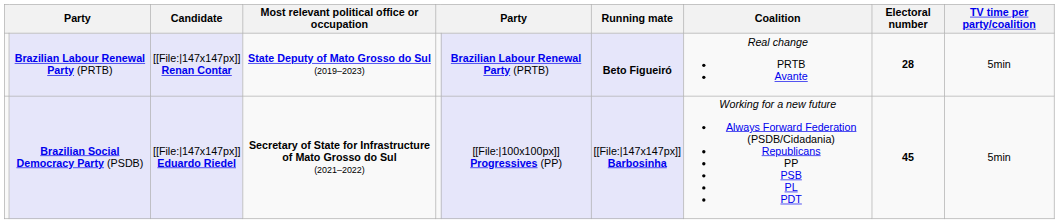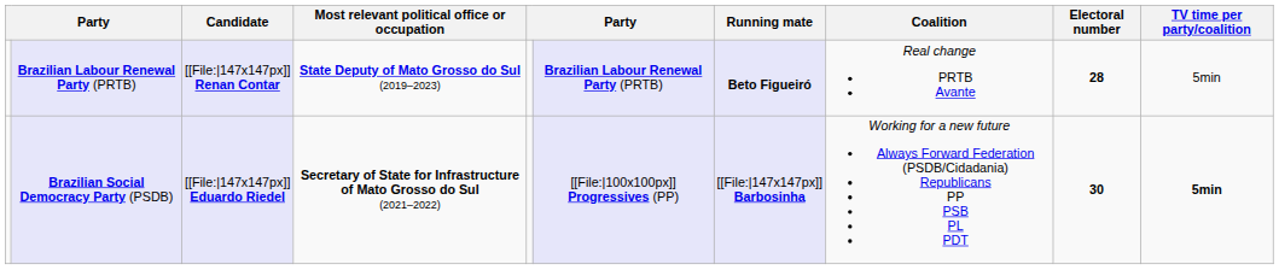 <table class="wikitable" style="text-align:center">
 <tr>
 <th colspan="2">Party</th>
 <th>Candidate</th>
 <th style="max-width:10em">Most relevant political office or occupation</th>
 <th colspan="2">Party</th>
 <th>Running mate</th>
 <th>Coalition</th>
 <th>Electoral number</th>
 <th><a href='#'>TV time per party/coalition</a></th>
 </tr>
 <tr>
 <td style="background:"></td>
 <td style="background:lavender;"><strong><a href='#'>Brazilian Labour Renewal Party</a></strong> (PRTB)</td>
 <td style="background:lavender;">[[File:|147x147px]] <br><strong><a href='#'>Renan Contar</a></strong></td>
 <td style="max-width:10em"><strong><a href='#'>State Deputy of Mato Grosso do Sul</a></strong> <br><small>(2019–2023)</small></td>
 <td style="background:"></td>
 <td style="background:lavender;"><strong><a href='#'>Brazilian Labour Renewal Party</a></strong> (PRTB)</td>
 <td style="background:lavender;"><br><strong>Beto Figueiró</strong></td>
 <td><em>Real change</em><br><ul><li>PRTB</li><li><a href='#'>Avante</a></li></ul></td>
 <td><strong>28</strong></td>
 <td>5min</td>
 </tr>
 <tr>
 <td style="background:"></td>
 <td style="background:lavender;"><strong><a href='#'>Brazilian Social Democracy Party</a></strong> (PSDB)</td>
 <td style="background:lavender;">[[File:|147x147px]] <br><strong><a href='#'>Eduardo Riedel</a></strong></td>
 <td><strong>Secretary of State for Infrastructure of Mato Grosso do Sul</strong><br><small>(2021–2022)</small></td>
 <td style="background:"></td>
 <td style="background:lavender;">[[File:|100x100px]] <br><strong><a href='#'>Progressives</a></strong> (PP)</td>
 <td style="background:lavender;">[[File:|147x147px]] <br><strong><a href='#'>Barbosinha</a></strong></td>
 <td><em>Working for a new future</em><br><ul><li><a href='#'>Always Forward Federation</a> (PSDB/Cidadania)</li><li><a href='#'>Republicans</a></li><li>PP</li><li><a href='#'>PSB</a></li><li><a href='#'>PL</a></li><li><a href='#'>PDT</a></li></ul></td>
-<td><strong>45</strong></td>
-<td>5min</td>
+<td><strong>30</strong></td>
+<td><strong>5min</strong></td>
 </tr>
 </table>
